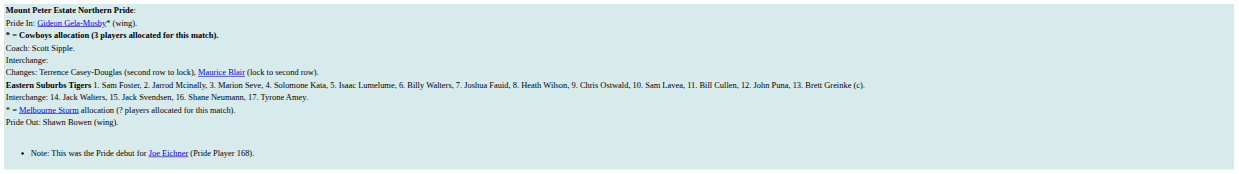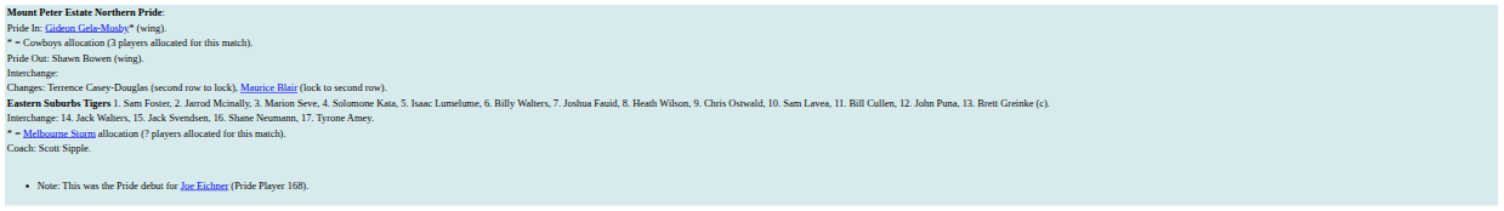 <table style="background:#d7ebed; font-size:85%; width:100%;">
 <tr>
 <td><strong>Mount Peter Estate Northern Pride</strong>:             </td>
 </tr>
 <tr>
 <td>Pride In: <a href='#'>Gideon Gela-Mosby</a>* (wing).</td>
 </tr>
 <tr>
-<td><strong>* = Cowboys allocation (3 players allocated for this match).</strong></td>
+<td>* = Cowboys allocation (3 players allocated for this match).</td>
 </tr>
 <tr>
-<td>Coach: Scott Sipple.</td>
+<td>Pride Out: Shawn Bowen (wing).</td>
 </tr>
 <tr>
 <td>Interchange:    </td>
 </tr>
 <tr>
 <td>Changes: Terrence Casey-Douglas (second row to lock), <a href='#'>Maurice Blair</a> (lock to second row).</td>
 </tr>
 <tr>
 <td><strong>Eastern Suburbs Tigers</strong> 1. Sam Foster, 2. Jarrod Mcinally, 3. Marion Seve, 4. Solomone Kata, 5. Isaac Lumelume, 6. Billy Walters, 7. Joshua Fauid, 8. Heath Wilson, 9. Chris Ostwald, 10. Sam Lavea, 11. Bill Cullen, 12. John Puna, 13. Brett Greinke (c).</td>
 </tr>
 <tr>
 <td>Interchange: 14. Jack Walters, 15. Jack Svendsen, 16. Shane Neumann, 17. Tyrone Amey.</td>
 </tr>
 <tr>
 <td>* = <a href='#'>Melbourne Storm</a> allocation (? players allocated for this match).</td>
 </tr>
 <tr>
-<td>Pride Out: Shawn Bowen (wing).</td>
+<td>Coach: Scott Sipple.</td>
 </tr>
 <tr>
 <td><br><ul><li>Note: This was the Pride debut for <a href='#'>Joe Eichner</a> (Pride Player 168).</li></ul></td>
 </tr>
 <tr>
 </tr>
 </table>
